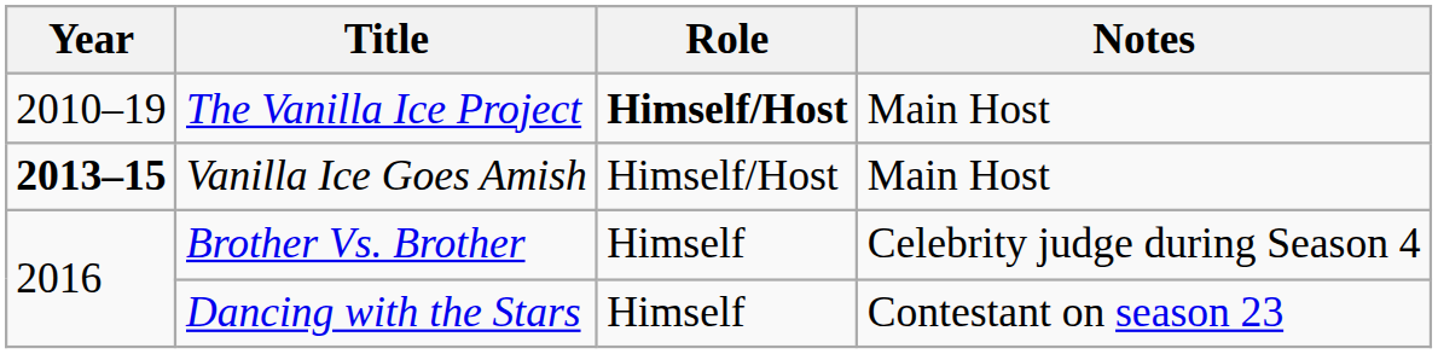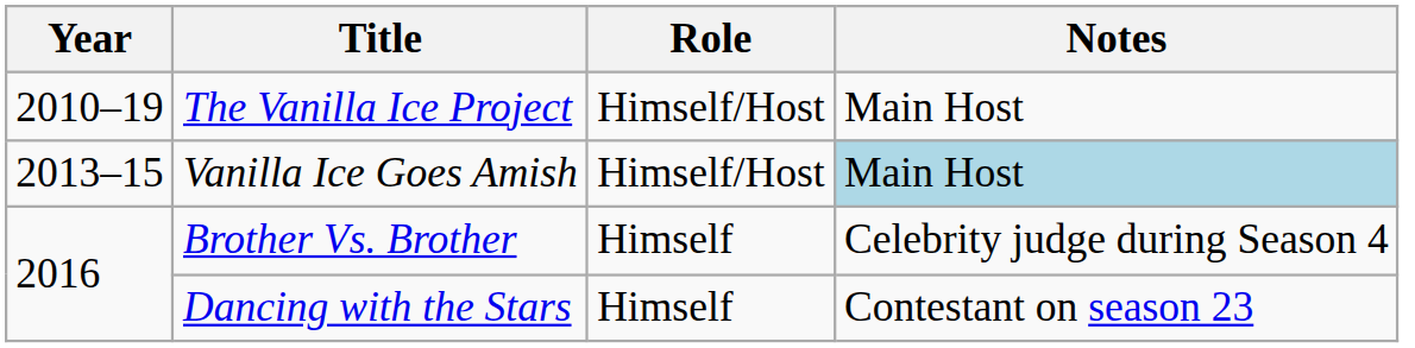 <table class="wikitable plainrowheaders sortable" style="margin-right: 0;">
 <tr>
 <th>Year</th>
 <th>Title</th>
 <th>Role</th>
 <th>Notes</th>
 </tr>
 <tr>
 <td>2010–19</td>
 <td><em><a href='#'>The Vanilla Ice Project</a></em></td>
-<td><strong>Himself/Host</strong></td>
+<td>Himself/Host</td>
 <td>Main Host</td>
 </tr>
 <tr>
-<td><strong>2013–15</strong></td>
+<td>2013–15</td>
 <td><em>Vanilla Ice Goes Amish</em></td>
 <td>Himself/Host</td>
-<td>Main Host</td>
+<td style="background: lightblue;">Main Host</td>
 </tr>
 <tr>
 <td rowspan=2>2016</td>
 <td><em><a href='#'>Brother Vs. Brother</a></em></td>
 <td>Himself</td>
 <td>Celebrity judge during Season 4</td>
 </tr>
 <tr>
 <td><em><a href='#'>Dancing with the Stars</a></em></td>
 <td>Himself</td>
 <td>Contestant on <a href='#'>season 23</a></td>
 </tr>
 </table>
